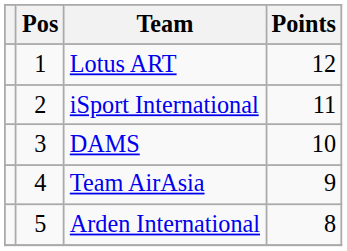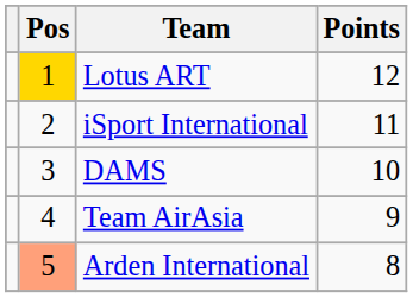 <table class="wikitable" style="font-size:85%;">
 <tr>
 <th></th>
 <th>Pos</th>
 <th>Team</th>
 <th>Points</th>
 </tr>
 <tr>
 <td align="left"></td>
-<td align="center">1</td>
+<td align="center" style="background: gold;">1</td>
 <td> <a href='#'>Lotus ART</a></td>
 <td align="right">12</td>
 </tr>
 <tr>
 <td align="left"></td>
 <td align="center">2</td>
 <td> <a href='#'>iSport International</a></td>
 <td align="right">11</td>
 </tr>
 <tr>
 <td align="left"></td>
 <td align="center">3</td>
 <td> <a href='#'>DAMS</a></td>
 <td align="right">10</td>
 </tr>
 <tr>
 <td align="left"></td>
 <td align="center">4</td>
 <td> <a href='#'>Team AirAsia</a></td>
 <td align="right">9</td>
 </tr>
 <tr>
 <td align="left"></td>
-<td align="center">5</td>
+<td align="center" style="background: lightsalmon;">5</td>
 <td> <a href='#'>Arden International</a></td>
 <td align="right">8</td>
 </tr>
 <tr>
 </tr>
 </table>
